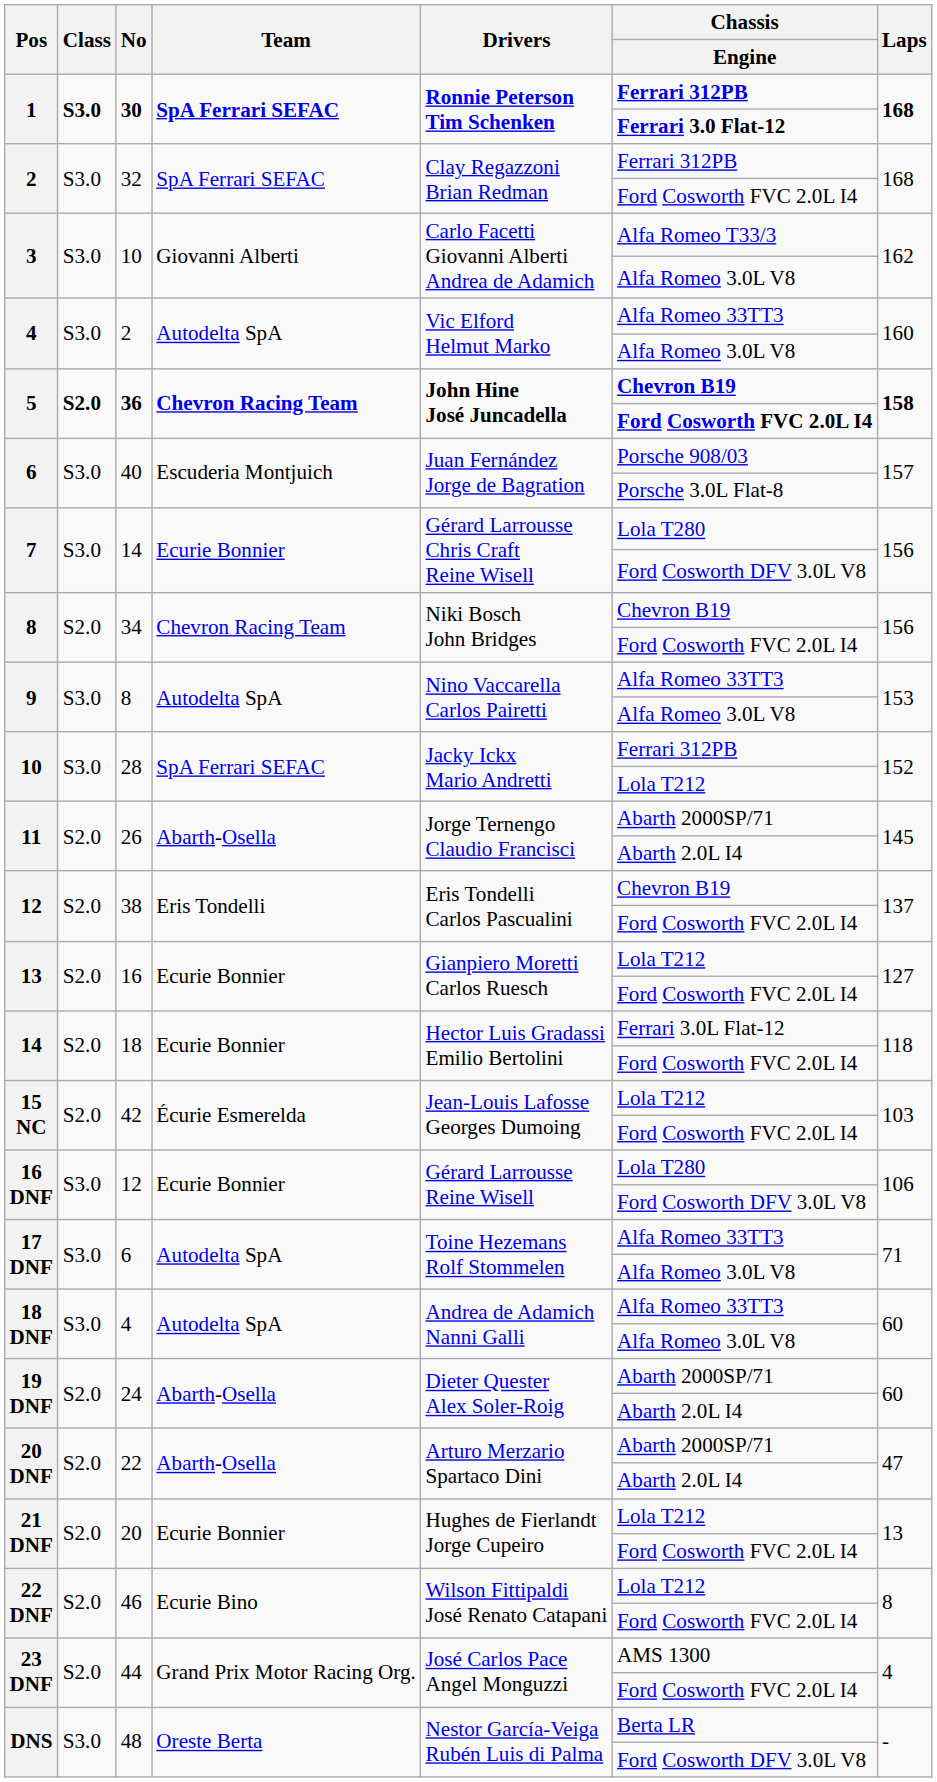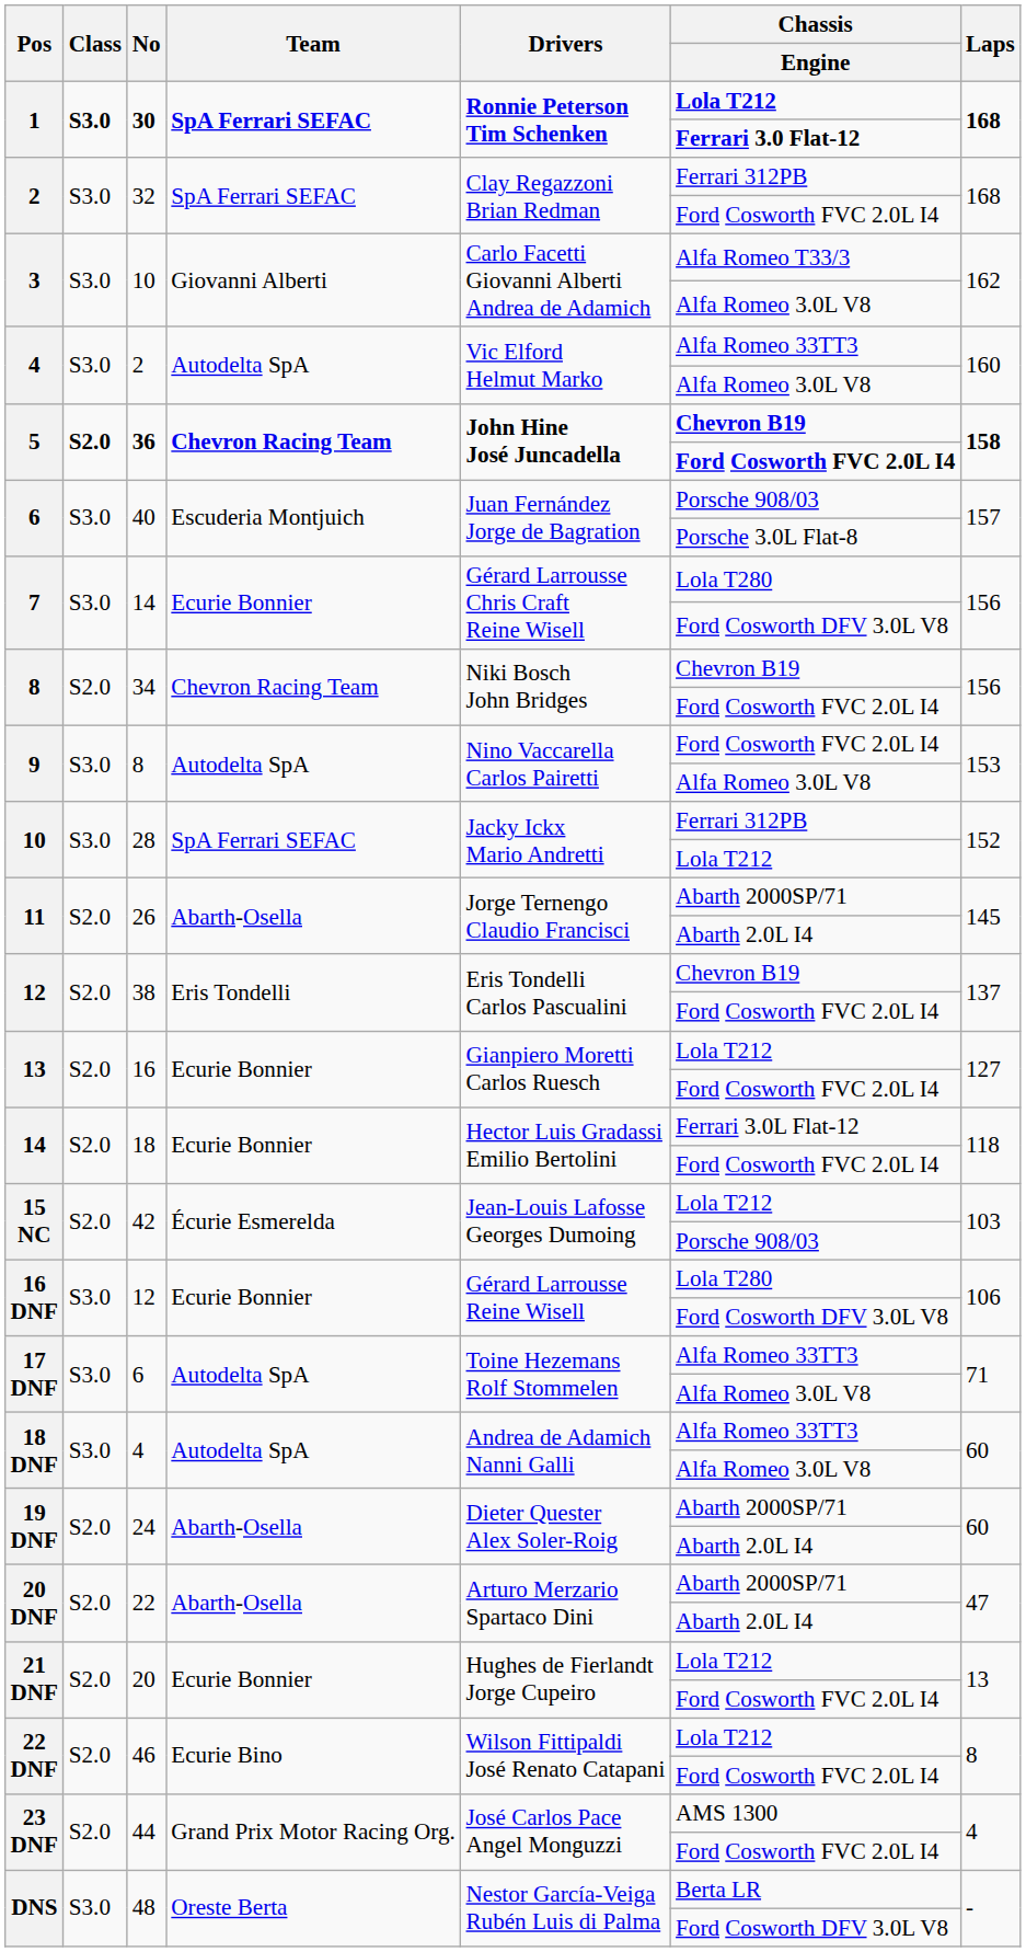 <table class="wikitable" style="font-size: 95%;">
 <tr>
 <th rowspan=2>Pos</th>
 <th rowspan=2>Class</th>
 <th rowspan=2>No</th>
 <th rowspan=2>Team</th>
 <th rowspan=2>Drivers</th>
 <th>Chassis</th>
 <th rowspan=2>Laps</th>
 </tr>
 <tr>
 <th>Engine</th>
 </tr>
 <tr style="font-weight:bold">
 <th rowspan=2>1</th>
 <td rowspan=2>S3.0</td>
 <td rowspan=2>30</td>
 <td rowspan=2> <a href='#'>SpA Ferrari SEFAC</a></td>
 <td rowspan=2> <a href='#'>Ronnie Peterson</a><br> <a href='#'>Tim Schenken</a></td>
-<td><a href='#'>Ferrari 312PB</a></td>
+<td><a href='#'>Lola T212</a></td>
 <td rowspan=2>168</td>
 </tr>
 <tr style="font-weight:bold">
 <td><a href='#'>Ferrari</a> 3.0 Flat-12</td>
 </tr>
 <tr>
 <th rowspan=2>2</th>
 <td rowspan=2>S3.0</td>
 <td rowspan=2>32</td>
 <td rowspan=2> <a href='#'>SpA Ferrari SEFAC</a></td>
 <td rowspan=2> <a href='#'>Clay Regazzoni</a><br> <a href='#'>Brian Redman</a></td>
 <td><a href='#'>Ferrari 312PB</a></td>
 <td rowspan=2>168</td>
 </tr>
 <tr>
 <td><a href='#'>Ford</a> <a href='#'>Cosworth</a> FVC 2.0L I4</td>
 </tr>
 <tr>
 <th rowspan=2>3</th>
 <td rowspan=2>S3.0</td>
 <td rowspan=2>10</td>
 <td rowspan=2> Giovanni Alberti</td>
 <td rowspan=2> <a href='#'>Carlo Facetti</a><br> Giovanni Alberti<br> <a href='#'>Andrea de Adamich</a></td>
 <td><a href='#'>Alfa Romeo T33/3</a></td>
 <td rowspan=2>162</td>
 </tr>
 <tr>
 <td><a href='#'>Alfa Romeo</a> 3.0L V8</td>
 </tr>
 <tr>
 <th rowspan=2>4</th>
 <td rowspan=2>S3.0</td>
 <td rowspan=2>2</td>
 <td rowspan=2> <a href='#'>Autodelta</a> SpA</td>
 <td rowspan=2> <a href='#'>Vic Elford</a><br> <a href='#'>Helmut Marko</a></td>
 <td><a href='#'>Alfa Romeo 33TT3</a></td>
 <td rowspan=2>160</td>
 </tr>
 <tr>
 <td><a href='#'>Alfa Romeo</a> 3.0L V8</td>
 </tr>
 <tr style="font-weight:bold">
 <th rowspan=2>5</th>
 <td rowspan=2>S2.0</td>
 <td rowspan=2>36</td>
 <td rowspan=2> <a href='#'>Chevron Racing Team</a></td>
 <td rowspan=2> John Hine<br> José Juncadella</td>
 <td><a href='#'>Chevron B19</a></td>
 <td rowspan=2>158</td>
 </tr>
 <tr style="font-weight:bold">
 <td><a href='#'>Ford</a> <a href='#'>Cosworth</a> FVC 2.0L I4</td>
 </tr>
 <tr>
 <th rowspan=2>6</th>
 <td rowspan=2>S3.0</td>
 <td rowspan=2>40</td>
 <td rowspan=2> Escuderia Montjuich</td>
 <td rowspan=2> <a href='#'>Juan Fernández</a><br> <a href='#'>Jorge de Bagration</a></td>
 <td><a href='#'>Porsche 908/03</a></td>
 <td rowspan=2>157</td>
 </tr>
 <tr>
 <td><a href='#'>Porsche</a> 3.0L Flat-8</td>
 </tr>
 <tr>
 <th rowspan=2>7</th>
 <td rowspan=2>S3.0</td>
 <td rowspan=2>14</td>
 <td rowspan=2> <a href='#'>Ecurie Bonnier</a></td>
 <td rowspan=2> <a href='#'>Gérard Larrousse</a><br> <a href='#'>Chris Craft</a><br> <a href='#'>Reine Wisell</a></td>
 <td><a href='#'>Lola T280</a></td>
 <td rowspan=2>156</td>
 </tr>
 <tr>
 <td><a href='#'>Ford</a> <a href='#'>Cosworth DFV</a> 3.0L V8</td>
 </tr>
 <tr>
 <th rowspan=2>8</th>
 <td rowspan=2>S2.0</td>
 <td rowspan=2>34</td>
 <td rowspan=2> <a href='#'>Chevron Racing Team</a></td>
 <td rowspan=2> Niki Bosch<br> John Bridges</td>
 <td><a href='#'>Chevron B19</a></td>
 <td rowspan=2>156</td>
 </tr>
 <tr>
 <td><a href='#'>Ford</a> <a href='#'>Cosworth</a> FVC 2.0L I4</td>
 </tr>
 <tr>
 <th rowspan=2>9</th>
 <td rowspan=2>S3.0</td>
 <td rowspan=2>8</td>
 <td rowspan=2> <a href='#'>Autodelta</a> SpA</td>
 <td rowspan=2> <a href='#'>Nino Vaccarella</a><br> <a href='#'>Carlos Pairetti</a></td>
-<td><a href='#'>Alfa Romeo 33TT3</a></td>
+<td><a href='#'>Ford</a> <a href='#'>Cosworth</a> FVC 2.0L I4</td>
 <td rowspan=2>153</td>
 </tr>
 <tr>
 <td><a href='#'>Alfa Romeo</a> 3.0L V8</td>
 </tr>
 <tr>
 <th rowspan=2>10</th>
 <td rowspan=2>S3.0</td>
 <td rowspan=2>28</td>
 <td rowspan=2> <a href='#'>SpA Ferrari SEFAC</a></td>
 <td rowspan=2> <a href='#'>Jacky Ickx</a><br> <a href='#'>Mario Andretti</a></td>
 <td><a href='#'>Ferrari 312PB</a></td>
 <td rowspan=2>152</td>
 </tr>
 <tr>
 <td><a href='#'>Lola T212</a></td>
 </tr>
 <tr>
 <th rowspan=2>11</th>
 <td rowspan=2>S2.0</td>
 <td rowspan=2>26</td>
 <td rowspan=2> <a href='#'>Abarth</a>-<a href='#'>Osella</a></td>
 <td rowspan=2> Jorge Ternengo<br> <a href='#'>Claudio Francisci</a></td>
 <td><a href='#'>Abarth</a> 2000SP/71</td>
 <td rowspan=2>145</td>
 </tr>
 <tr>
 <td><a href='#'>Abarth</a> 2.0L I4</td>
 </tr>
 <tr>
 <th rowspan=2>12</th>
 <td rowspan=2>S2.0</td>
 <td rowspan=2>38</td>
 <td rowspan=2> Eris Tondelli</td>
 <td rowspan=2> Eris Tondelli<br> Carlos Pascualini</td>
 <td><a href='#'>Chevron B19</a></td>
 <td rowspan=2>137</td>
 </tr>
 <tr>
 <td><a href='#'>Ford</a> <a href='#'>Cosworth</a> FVC 2.0L I4</td>
 </tr>
 <tr>
 <th rowspan=2>13</th>
 <td rowspan=2>S2.0</td>
 <td rowspan=2>16</td>
 <td rowspan=2> Ecurie Bonnier</td>
 <td rowspan=2> <a href='#'>Gianpiero Moretti</a><br> Carlos Ruesch</td>
 <td><a href='#'>Lola T212</a></td>
 <td rowspan=2>127</td>
 </tr>
 <tr>
 <td><a href='#'>Ford</a> <a href='#'>Cosworth</a> FVC 2.0L I4</td>
 </tr>
 <tr>
 <th rowspan=2>14</th>
 <td rowspan=2>S2.0</td>
 <td rowspan=2>18</td>
 <td rowspan=2> Ecurie Bonnier</td>
 <td rowspan=2> <a href='#'>Hector Luis Gradassi</a><br> Emilio Bertolini</td>
 <td><a href='#'>Ferrari</a> 3.0L Flat-12</td>
 <td rowspan=2>118</td>
 </tr>
 <tr>
 <td><a href='#'>Ford</a> <a href='#'>Cosworth</a> FVC 2.0L I4</td>
 </tr>
 <tr>
 <th rowspan=2>15<br>NC</th>
 <td rowspan=2>S2.0</td>
 <td rowspan=2>42</td>
 <td rowspan=2> Écurie Esmerelda</td>
 <td rowspan=2> <a href='#'>Jean-Louis Lafosse</a><br> Georges Dumoing</td>
 <td><a href='#'>Lola T212</a></td>
 <td rowspan=2>103</td>
 </tr>
 <tr>
-<td><a href='#'>Ford</a> <a href='#'>Cosworth</a> FVC 2.0L I4</td>
+<td><a href='#'>Porsche 908/03</a></td>
 </tr>
 <tr>
 <th rowspan=2>16<br>DNF</th>
 <td rowspan=2>S3.0</td>
 <td rowspan=2>12</td>
 <td rowspan=2> Ecurie Bonnier</td>
 <td rowspan=2> <a href='#'>Gérard Larrousse</a><br> <a href='#'>Reine Wisell</a></td>
 <td><a href='#'>Lola T280</a></td>
 <td rowspan=2>106</td>
 </tr>
 <tr>
 <td><a href='#'>Ford</a> <a href='#'>Cosworth DFV</a> 3.0L V8</td>
 </tr>
 <tr>
 <th rowspan=2>17<br>DNF</th>
 <td rowspan=2>S3.0</td>
 <td rowspan=2>6</td>
 <td rowspan=2> <a href='#'>Autodelta</a> SpA</td>
 <td rowspan=2> <a href='#'>Toine Hezemans</a><br> <a href='#'>Rolf Stommelen</a></td>
 <td><a href='#'>Alfa Romeo 33TT3</a></td>
 <td rowspan=2>71</td>
 </tr>
 <tr>
 <td><a href='#'>Alfa Romeo</a> 3.0L V8</td>
 </tr>
 <tr>
 <th rowspan=2>18<br>DNF</th>
 <td rowspan=2>S3.0</td>
 <td rowspan=2>4</td>
 <td rowspan=2> <a href='#'>Autodelta</a> SpA</td>
 <td rowspan=2> <a href='#'>Andrea de Adamich</a><br> <a href='#'>Nanni Galli</a></td>
 <td><a href='#'>Alfa Romeo 33TT3</a></td>
 <td rowspan=2>60</td>
 </tr>
 <tr>
 <td><a href='#'>Alfa Romeo</a> 3.0L V8</td>
 </tr>
 <tr>
 <th rowspan=2>19<br>DNF</th>
 <td rowspan=2>S2.0</td>
 <td rowspan=2>24</td>
 <td rowspan=2> <a href='#'>Abarth</a>-<a href='#'>Osella</a></td>
 <td rowspan=2> <a href='#'>Dieter Quester</a><br> <a href='#'>Alex Soler-Roig</a></td>
 <td><a href='#'>Abarth</a> 2000SP/71</td>
 <td rowspan=2>60</td>
 </tr>
 <tr>
 <td><a href='#'>Abarth</a> 2.0L I4</td>
 </tr>
 <tr>
 <th rowspan=2>20<br>DNF</th>
 <td rowspan=2>S2.0</td>
 <td rowspan=2>22</td>
 <td rowspan=2> <a href='#'>Abarth</a>-<a href='#'>Osella</a></td>
 <td rowspan=2> <a href='#'>Arturo Merzario</a><br> Spartaco Dini</td>
 <td><a href='#'>Abarth</a> 2000SP/71</td>
 <td rowspan=2>47</td>
 </tr>
 <tr>
 <td><a href='#'>Abarth</a> 2.0L I4</td>
 </tr>
 <tr>
 <th rowspan=2>21<br>DNF</th>
 <td rowspan=2>S2.0</td>
 <td rowspan=2>20</td>
 <td rowspan=2> Ecurie Bonnier</td>
 <td rowspan=2> Hughes de Fierlandt<br> Jorge Cupeiro</td>
 <td><a href='#'>Lola T212</a></td>
 <td rowspan=2>13</td>
 </tr>
 <tr>
 <td><a href='#'>Ford</a> <a href='#'>Cosworth</a> FVC 2.0L I4</td>
 </tr>
 <tr>
 <th rowspan=2>22<br>DNF</th>
 <td rowspan=2>S2.0</td>
 <td rowspan=2>46</td>
 <td rowspan=2> Ecurie Bino</td>
 <td rowspan=2> <a href='#'>Wilson Fittipaldi</a><br> José Renato Catapani</td>
 <td><a href='#'>Lola T212</a></td>
 <td rowspan=2>8</td>
 </tr>
 <tr>
 <td><a href='#'>Ford</a> <a href='#'>Cosworth</a> FVC 2.0L I4</td>
 </tr>
 <tr>
 <th rowspan=2>23<br>DNF</th>
 <td rowspan=2>S2.0</td>
 <td rowspan=2>44</td>
 <td rowspan=2> Grand Prix Motor Racing Org.</td>
 <td rowspan=2> <a href='#'>José Carlos Pace</a><br> Angel Monguzzi</td>
 <td>AMS 1300</td>
 <td rowspan=2>4</td>
 </tr>
 <tr>
 <td><a href='#'>Ford</a> <a href='#'>Cosworth</a> FVC 2.0L I4</td>
 </tr>
 <tr>
 <th rowspan=2>DNS</th>
 <td rowspan=2>S3.0</td>
 <td rowspan=2>48</td>
 <td rowspan=2> <a href='#'>Oreste Berta</a></td>
 <td rowspan=2> <a href='#'>Nestor García-Veiga</a><br> <a href='#'>Rubén Luis di Palma</a></td>
 <td><a href='#'>Berta LR</a></td>
 <td rowspan=2>-</td>
 </tr>
 <tr>
 <td><a href='#'>Ford</a> <a href='#'>Cosworth DFV</a> 3.0L V8</td>
 </tr>
 </table>
